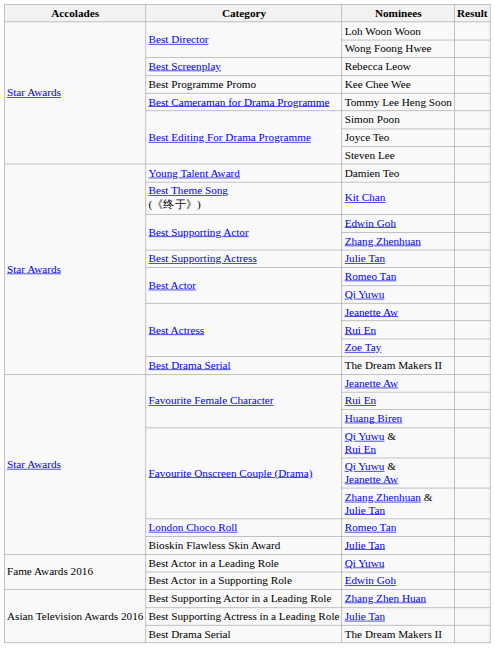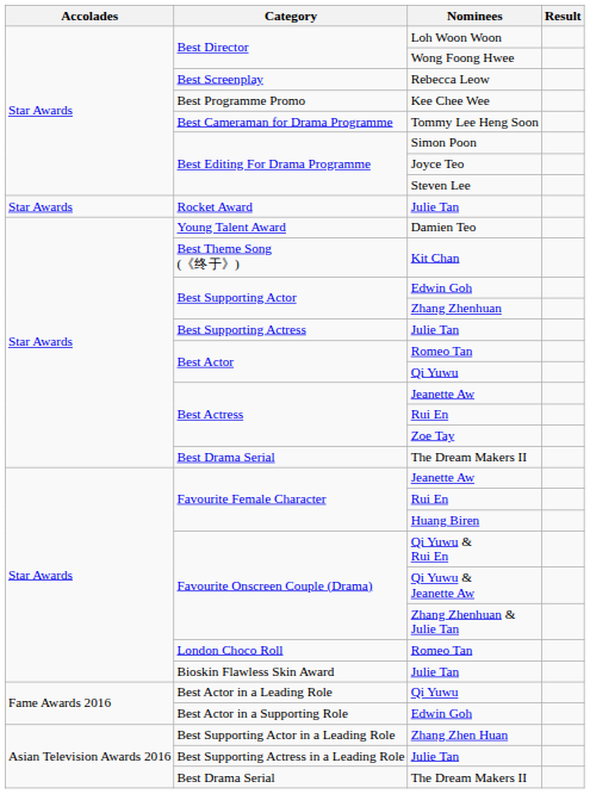 <table class="wikitable sortable">
 <tr>
 <th>Accolades</th>
 <th>Category</th>
 <th>Nominees</th>
 <th>Result</th>
 </tr>
 <tr>
 <td rowspan="8"><a href='#'>Star Awards</a></td>
 <td rowspan="2"><a href='#'> Best Director</a></td>
 <td>Loh Woon Woon</td>
 <td></td>
 </tr>
 <tr>
 <td>Wong Foong Hwee</td>
 <td></td>
 </tr>
 <tr>
 <td><a href='#'>Best Screenplay</a></td>
 <td>Rebecca Leow</td>
 <td></td>
 </tr>
 <tr>
 <td>Best Programme Promo</td>
 <td>Kee Chee Wee</td>
 <td></td>
 </tr>
 <tr>
 <td><a href='#'>Best Cameraman for Drama Programme</a></td>
 <td>Tommy Lee Heng Soon</td>
 <td></td>
 </tr>
 <tr>
 <td rowspan="3"><a href='#'>Best Editing For Drama Programme</a></td>
 <td>Simon Poon</td>
 <td></td>
 </tr>
 <tr>
 <td>Joyce Teo</td>
 <td></td>
 </tr>
 <tr>
 <td>Steven Lee</td>
+<td></td>
+</tr>
+<tr>
+<td rowspan="1"><a href='#'>Star Awards</a></td>
+<td><a href='#'>Rocket Award</a></td>
+<td><a href='#'>Julie Tan</a></td>
 <td></td>
 </tr>
 <tr>
 <td rowspan="11"><a href='#'>Star Awards</a></td>
 <td><a href='#'>Young Talent Award</a></td>
 <td>Damien Teo</td>
 <td></td>
 </tr>
 <tr>
 <td><a href='#'>Best Theme Song</a>  <br>(《终于》)</td>
 <td><a href='#'>Kit Chan</a></td>
 <td></td>
 </tr>
 <tr>
 <td rowspan="2"><a href='#'>Best Supporting Actor</a></td>
 <td><a href='#'>Edwin Goh</a></td>
 <td></td>
 </tr>
 <tr>
 <td><a href='#'>Zhang Zhenhuan</a></td>
 <td></td>
 </tr>
 <tr>
 <td><a href='#'>Best Supporting Actress</a></td>
 <td><a href='#'>Julie Tan</a></td>
 <td></td>
 </tr>
 <tr>
 <td rowspan="2"><a href='#'>Best Actor</a></td>
 <td><a href='#'>Romeo Tan</a></td>
 <td></td>
 </tr>
 <tr>
 <td><a href='#'>Qi Yuwu</a></td>
 <td></td>
 </tr>
 <tr>
 <td rowspan="3"><a href='#'>Best Actress</a></td>
 <td><a href='#'>Jeanette Aw</a></td>
 <td></td>
 </tr>
 <tr>
 <td><a href='#'>Rui En</a></td>
 <td></td>
 </tr>
 <tr>
 <td><a href='#'>Zoe Tay</a></td>
 <td></td>
 </tr>
 <tr>
 <td><a href='#'>Best Drama Serial</a></td>
 <td>The Dream Makers II</td>
 <td></td>
 </tr>
 <tr>
 <td rowspan="8"><a href='#'>Star Awards</a></td>
 <td rowspan="3"><a href='#'>Favourite Female Character</a></td>
 <td><a href='#'>Jeanette Aw</a></td>
 <td></td>
 </tr>
 <tr>
 <td><a href='#'>Rui En</a></td>
 <td></td>
 </tr>
 <tr>
 <td><a href='#'>Huang Biren</a></td>
 <td></td>
 </tr>
 <tr>
 <td rowspan="3"><a href='#'>Favourite Onscreen Couple (Drama)</a></td>
 <td><a href='#'>Qi Yuwu</a> & <br> <a href='#'>Rui En</a></td>
 <td></td>
 </tr>
 <tr>
 <td><a href='#'>Qi Yuwu</a> & <br> <a href='#'>Jeanette Aw</a></td>
 <td></td>
 </tr>
 <tr>
 <td><a href='#'>Zhang Zhenhuan</a>  & <br> <a href='#'>Julie Tan</a></td>
 <td></td>
 </tr>
 <tr>
 <td><a href='#'>London Choco Roll</a></td>
 <td><a href='#'>Romeo Tan</a></td>
 <td></td>
 </tr>
 <tr>
 <td>Bioskin Flawless Skin Award</td>
 <td><a href='#'>Julie Tan</a></td>
 <td></td>
 </tr>
 <tr>
 <td rowspan="2">Fame Awards 2016</td>
 <td>Best Actor in a Leading Role</td>
 <td><a href='#'>Qi Yuwu</a></td>
 <td></td>
 </tr>
 <tr>
 <td>Best Actor in a Supporting Role</td>
 <td><a href='#'>Edwin Goh</a></td>
 <td></td>
 </tr>
 <tr>
 <td rowspan="3">Asian Television Awards 2016</td>
 <td>Best Supporting Actor in a Leading Role</td>
 <td><a href='#'>Zhang Zhen Huan</a></td>
 <td></td>
 </tr>
 <tr>
 <td>Best Supporting Actress in a Leading Role</td>
 <td><a href='#'>Julie Tan</a></td>
 <td></td>
 </tr>
 <tr>
 <td>Best Drama Serial</td>
 <td>The Dream Makers II</td>
 <td></td>
 </tr>
 </table>
